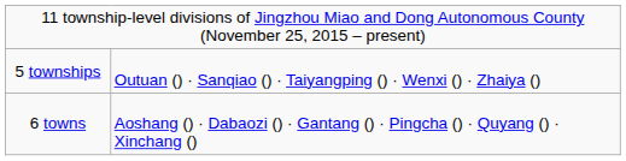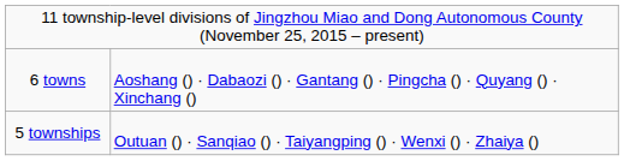 <table class="wikitable">
 <tr>
 <td style="text-align:center;" colspan="2">11 township-level divisions of <a href='#'>Jingzhou Miao and Dong Autonomous County</a> (November 25, 2015 – present)</td>
 </tr>
 <tr align=left>
+<td align=center>6 <a href='#'>towns</a></td>
+<td><br><a href='#'>Aoshang</a> () · <a href='#'>Dabaozi</a> () · <a href='#'>Gantang</a> () · <a href='#'>Pingcha</a> () · <a href='#'>Quyang</a> () · <a href='#'>Xinchang</a> ()</td>
+</tr>
+<tr align=left>
 <td align=center>5 <a href='#'>townships</a></td>
 <td><br><a href='#'>Outuan</a> () · <a href='#'>Sanqiao</a> () · <a href='#'>Taiyangping</a> () · <a href='#'>Wenxi</a> () · <a href='#'>Zhaiya</a> ()</td>
 </tr>
-<tr align=left>
-<td align=center>6 <a href='#'>towns</a></td>
-<td><br><a href='#'>Aoshang</a> () · <a href='#'>Dabaozi</a> () · <a href='#'>Gantang</a> () · <a href='#'>Pingcha</a> () · <a href='#'>Quyang</a> () · <a href='#'>Xinchang</a> ()</td>
-</tr>
 </table>
